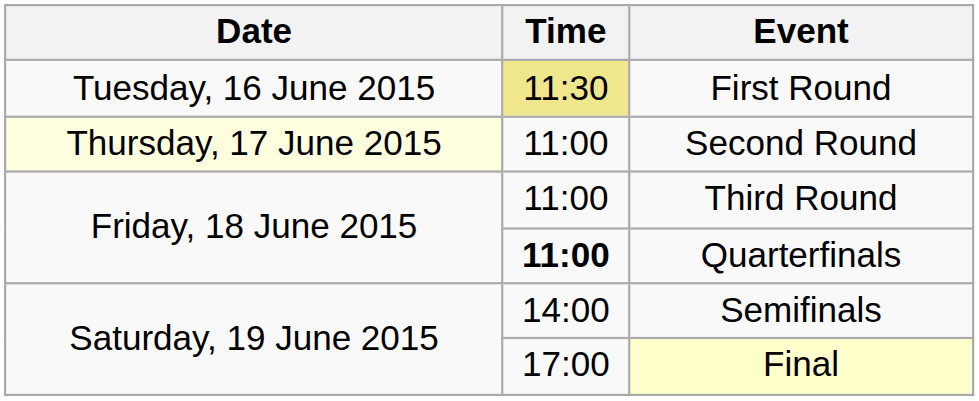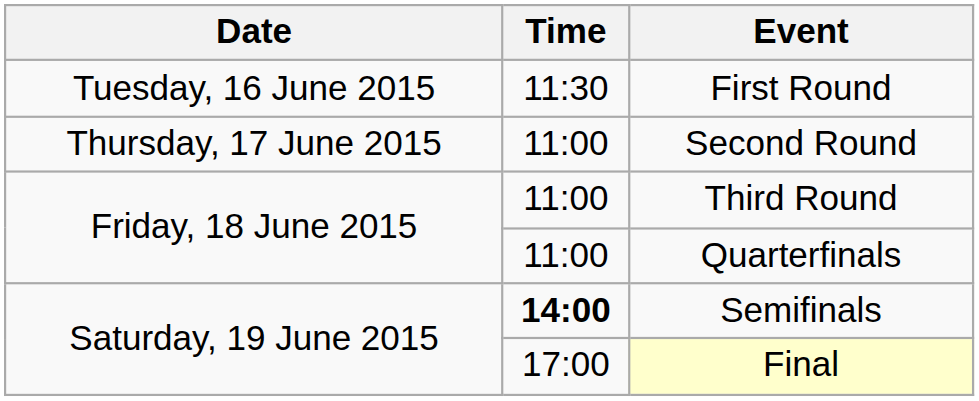 <table class = "wikitable" style="text-align:center;">
 <tr>
 <th width=220>Date</th>
 <th width=50>Time</th>
 <th width=150>Event</th>
 </tr>
 <tr>
 <td>Tuesday, 16 June 2015</td>
-<td style="background: khaki;">11:30</td>
+<td>11:30</td>
 <td>First Round</td>
 </tr>
 <tr>
-<td style="background: lightyellow;">Thursday, 17 June 2015</td>
+<td>Thursday, 17 June 2015</td>
 <td>11:00</td>
 <td>Second Round</td>
 </tr>
 <tr>
 <td rowspan=2>Friday, 18 June 2015</td>
 <td>11:00</td>
 <td>Third Round</td>
 </tr>
 <tr>
-<td><strong>11:00</strong></td>
+<td>11:00</td>
 <td>Quarterfinals</td>
 </tr>
 <tr>
 <td rowspan=2>Saturday, 19 June 2015</td>
-<td>14:00</td>
+<td><strong>14:00</strong></td>
 <td>Semifinals</td>
 </tr>
 <tr>
 <td>17:00</td>
 <td bgcolor=ffffcc>Final</td>
 </tr>
 </table>
